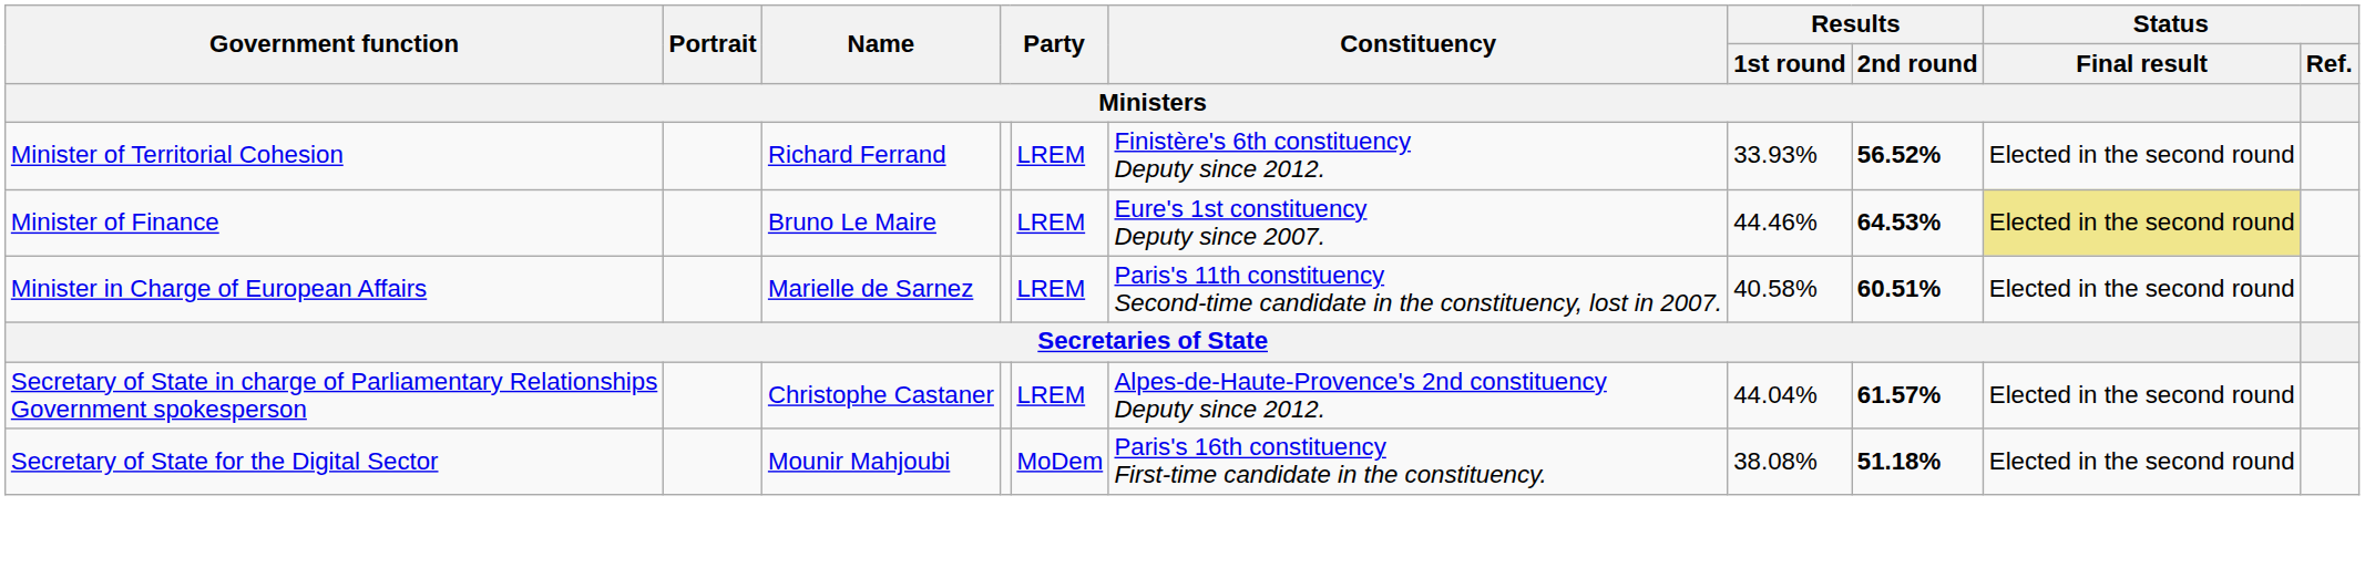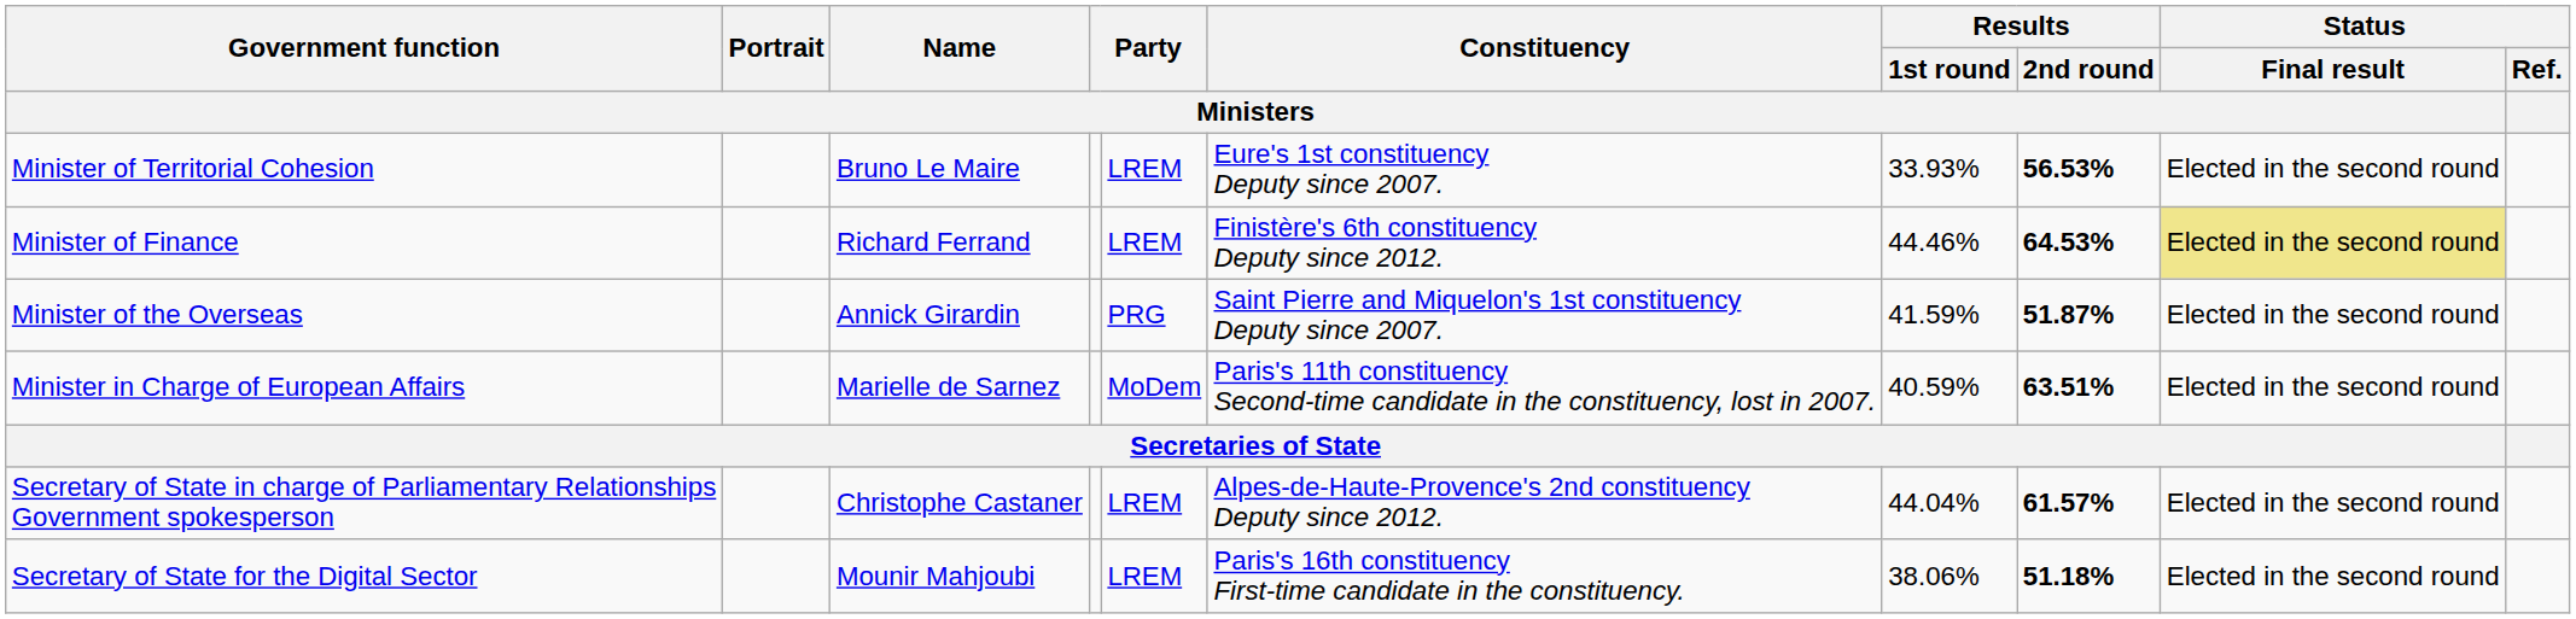 <table class="wikitable">
 <tr>
 <th rowspan="2"><strong>Government function</strong></th>
 <th rowspan="2">Portrait</th>
 <th rowspan="2">Name</th>
 <th colspan="2" rowspan="2">Party</th>
 <th rowspan="2">Constituency</th>
 <th colspan="2">Results</th>
 <th colspan="2">Status</th>
 </tr>
 <tr>
 <th>1st round</th>
 <th>2nd round</th>
 <th>Final result</th>
 <th>Ref.</th>
 </tr>
 <tr>
 <th colspan="9">Ministers</th>
 <th></th>
 </tr>
 <tr>
 <td><a href='#'>Minister of Territorial Cohesion</a></td>
 <td></td>
-<td><a href='#'>Richard Ferrand</a></td>
+<td><a href='#'>Bruno Le Maire</a></td>
 <td style="background:"></td>
 <td><a href='#'>LREM</a></td>
-<td><a href='#'>Finistère's 6th constituency</a><br><em>Deputy since 2012.</em></td>
+<td><a href='#'>Eure's 1st constituency</a><br><em>Deputy since 2007.</em></td>
 <td>33.93%</td>
-<td><strong>56.52%</strong></td>
+<td><strong>56.53%</strong></td>
 <td>Elected in the second round</td>
 <td></td>
 </tr>
 <tr>
 <td><a href='#'>Minister of Finance</a></td>
 <td></td>
-<td><a href='#'>Bruno Le Maire</a></td>
+<td><a href='#'>Richard Ferrand</a></td>
 <td style="background:"></td>
 <td><a href='#'>LREM</a></td>
-<td><a href='#'>Eure's 1st constituency</a><br><em>Deputy since 2007.</em></td>
+<td><a href='#'>Finistère's 6th constituency</a><br><em>Deputy since 2012.</em></td>
 <td>44.46%</td>
 <td><strong>64.53%</strong></td>
 <td style="background: khaki;">Elected in the second round</td>
+<td></td>
+</tr>
+<tr>
+<td><a href='#'>Minister of the Overseas</a></td>
+<td></td>
+<td><a href='#'>Annick Girardin</a></td>
+<td style="background:"></td>
+<td><a href='#'>PRG</a></td>
+<td><a href='#'>Saint Pierre and Miquelon's 1st constituency</a><br><em>Deputy since 2007.</em></td>
+<td>41.59%</td>
+<td><strong>51.87%</strong></td>
+<td>Elected in the second round</td>
 <td></td>
 </tr>
 <tr>
 <td><a href='#'>Minister in Charge of European Affairs</a></td>
 <td></td>
 <td><a href='#'>Marielle de Sarnez</a></td>
 <td style="background:"></td>
-<td><a href='#'>LREM</a></td>
+<td><a href='#'>MoDem</a></td>
 <td><a href='#'>Paris's 11th constituency</a><br><em>Second-time candidate in the constituency, lost in 2007.</em></td>
-<td>40.58%</td>
-<td><strong>60.51%</strong></td>
+<td>40.59%</td>
+<td><strong>63.51%</strong></td>
 <td>Elected in the second round</td>
 <td></td>
 </tr>
 <tr>
 <th colspan="9"><a href='#'>Secretaries of State</a></th>
 <th></th>
 </tr>
 <tr>
 <td><a href='#'>Secretary of State in charge of Parliamentary Relationships</a><br><a href='#'>Government spokesperson</a></td>
 <td></td>
 <td><a href='#'>Christophe Castaner</a></td>
 <td style="background:"></td>
 <td><a href='#'>LREM</a></td>
 <td><a href='#'>Alpes-de-Haute-Provence's 2nd constituency</a><br><em>Deputy since 2012.</em></td>
 <td>44.04%</td>
 <td><strong>61.57%</strong></td>
 <td>Elected in the second round</td>
 <td></td>
 </tr>
 <tr>
 <td><a href='#'>Secretary of State for the Digital Sector</a></td>
 <td></td>
 <td><a href='#'>Mounir Mahjoubi</a></td>
 <td style="background:"></td>
-<td><a href='#'>MoDem</a></td>
+<td><a href='#'>LREM</a></td>
 <td><a href='#'>Paris's 16th constituency</a><br><em>First-time candidate in the constituency.</em></td>
-<td>38.08%</td>
+<td>38.06%</td>
 <td><strong>51.18%</strong></td>
 <td>Elected in the second round</td>
 <td></td>
 </tr>
 </table>
